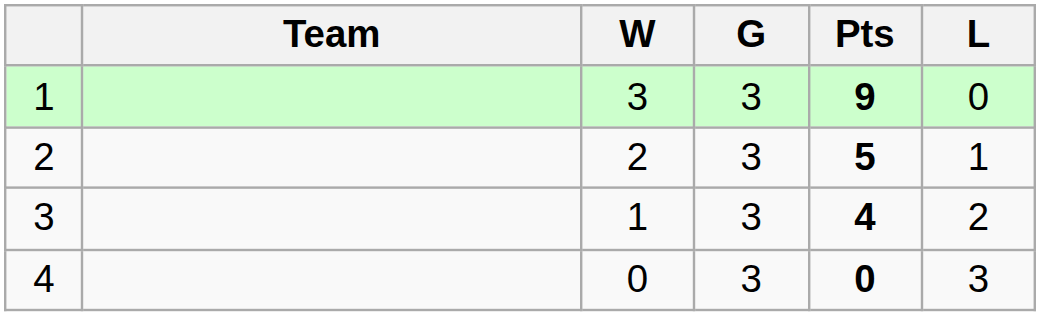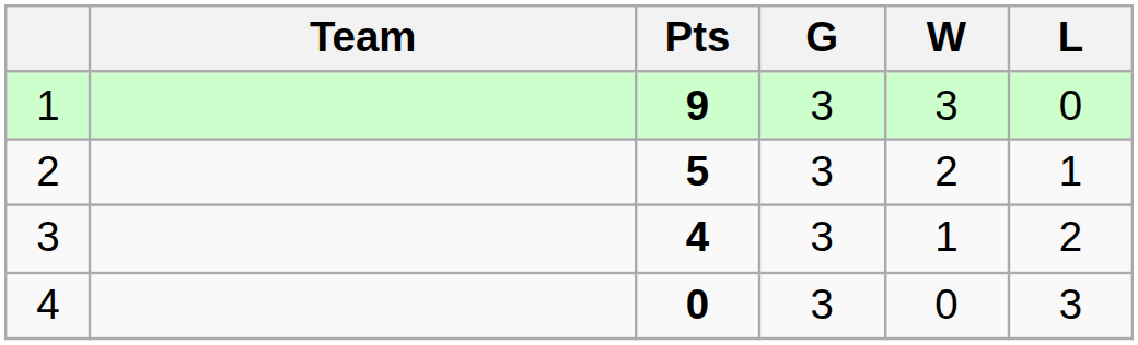 <table class=wikitable style="text-align:center">
 <tr bgcolor="#DCDCDC">
 <th width="25"></th>
 <th width="200">Team</th>
+<th width="40">Pts</th>
+<th width="40">G</th>
 <th width="40">W</th>
-<th width="40">G</th>
-<th width="40">Pts</th>
 <th width="40">L</th>
 </tr>
 <tr bgcolor=#CCFFCC>
 <td>1</td>
 <td align=left></td>
+<td><strong>9</strong></td>
 <td>3</td>
 <td>3</td>
-<td><strong>9</strong></td>
 <td>0</td>
 </tr>
 <tr>
 <td>2</td>
 <td align=left></td>
+<td><strong>5</strong></td>
+<td>3</td>
 <td>2</td>
-<td>3</td>
-<td><strong>5</strong></td>
 <td>1</td>
 </tr>
 <tr>
 <td>3</td>
 <td align=left></td>
+<td><strong>4</strong></td>
+<td>3</td>
 <td>1</td>
-<td>3</td>
-<td><strong>4</strong></td>
 <td>2</td>
 </tr>
 <tr>
 <td>4</td>
 <td align=left></td>
+<td><strong>0</strong></td>
+<td>3</td>
 <td>0</td>
-<td>3</td>
-<td><strong>0</strong></td>
 <td>3</td>
 </tr>
 </table>
